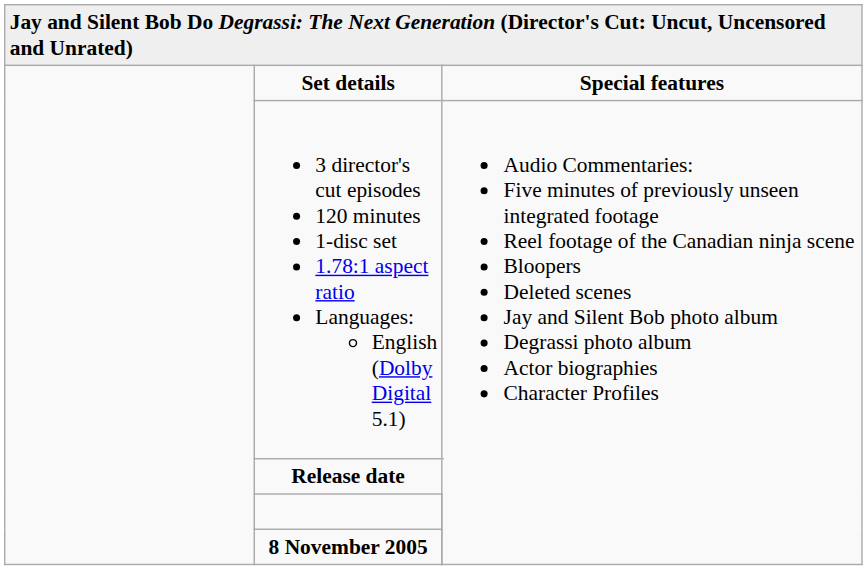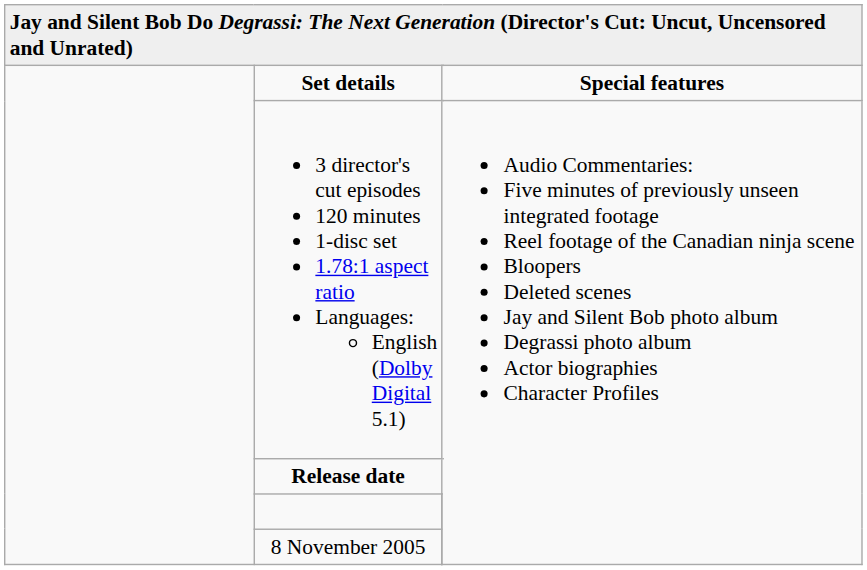 <table class="wikitable" style="font-size: 95%;">
 <tr style="background:#EFEFEF">
 <td colspan="5"><strong>Jay and Silent Bob Do <em>Degrassi: The Next Generation</em> (Director's Cut: Uncut, Uncensored and Unrated)</strong></td>
 </tr>
 <tr valign="top">
 <td rowspan="5" valign="center" align="center" width="180"></td>
 <td align="center" width="400" colspan="3"><strong>Set details</strong></td>
 <td width="300" align="center"><strong>Special features</strong></td>
 </tr>
 <tr valign="top">
 <td colspan="3" align="left" width="400"><br><ul><li>3 director's cut episodes</li><li>120 minutes</li><li>1-disc set</li><li><a href='#'>1.78:1 aspect ratio</a></li><li>Languages:<ul><li>English (<a href='#'>Dolby Digital</a> 5.1)</li></ul></li></ul></td>
 <td rowspan="4" align="left" width="300"><br><ul><li>Audio Commentaries:</li><li>Five minutes of previously unseen integrated footage</li><li>Reel footage of the Canadian ninja scene</li><li>Bloopers</li><li>Deleted scenes</li><li>Jay and Silent Bob photo album</li><li>Degrassi photo album</li><li>Actor biographies</li><li>Character Profiles</li></ul></td>
 </tr>
 <tr>
 <td colspan="3" align="center"><strong>Release date</strong></td>
 </tr>
 <tr>
 <td align="center"><br></td>
 </tr>
 <tr>
-<td align="center"><strong>8 November 2005<br></strong></td>
+<td align="center">8 November 2005<br></td>
 </tr>
 </table>
